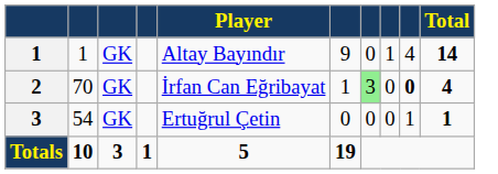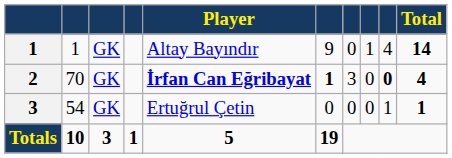 <table class="wikitable" style="text-align:center">
 <tr>
 <th style="background:#163962; color:#FFF000; "></th>
 <th style="background:#163962; color:#FFF000; "></th>
 <th style="background:#163962; color:#FFF000; "></th>
 <th style="background:#163962; color:#FFF000; "></th>
 <th style="background:#163962; color:#FFF000; ">Player</th>
 <th style="background:#163962; color:#FFF000; "></th>
 <th style="background:#163962; color:#FFF000; "></th>
 <th style="background:#163962; color:#FFF000; "></th>
 <th style="background:#163962; color:#FFF000; "></th>
 <th style="background:#163962; color:#FFF000; ">Total</th>
 </tr>
 <tr>
 <th>1</th>
 <td>1</td>
 <td><a href='#'>GK</a></td>
 <td></td>
 <td align=left><a href='#'>Altay Bayındır</a></td>
 <td>9</td>
 <td>0</td>
 <td>1</td>
 <td>4</td>
 <td><strong>14</strong></td>
 </tr>
 <tr>
 <th>2</th>
 <td>70</td>
 <td><a href='#'>GK</a></td>
 <td></td>
-<td align=left><a href='#'>İrfan Can Eğribayat</a></td>
-<td>1</td>
-<td style="background: lightgreen;">3</td>
+<td align=left><strong><a href='#'>İrfan Can Eğribayat</a></strong></td>
+<td><strong>1</strong></td>
+<td>3</td>
 <td>0</td>
 <td><strong>0</strong></td>
 <td><strong>4</strong></td>
 </tr>
 <tr>
 <th>3</th>
 <td>54</td>
 <td><a href='#'>GK</a></td>
 <td></td>
 <td align=left><a href='#'>Ertuğrul Çetin</a></td>
 <td>0</td>
 <td>0</td>
 <td>0</td>
 <td>1</td>
 <td><strong>1</strong></td>
 </tr>
 <tr>
 <td style="background:#163962; color:#FFF000; "><strong>Totals</strong></td>
 <td><strong>10</strong></td>
 <td><strong>3</strong></td>
 <td><strong>1</strong></td>
 <td><strong>5</strong></td>
 <td><strong>19</strong></td>
 </tr>
 </table>
